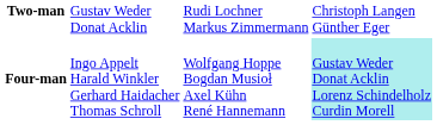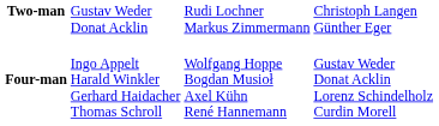 <table>
 <tr>
 <th scope=row>Two-man <br></th>
 <td><br> <a href='#'>Gustav Weder</a><br><a href='#'>Donat Acklin</a></td>
 <td><br> <a href='#'>Rudi Lochner</a><br><a href='#'>Markus Zimmermann</a></td>
 <td><br> <a href='#'>Christoph Langen</a><br><a href='#'>Günther Eger</a></td>
 </tr>
 <tr>
 <th scope=row>Four-man <br></th>
 <td><br> <a href='#'>Ingo Appelt</a><br> <a href='#'>Harald Winkler</a> <br> <a href='#'>Gerhard Haidacher</a> <br> <a href='#'>Thomas Schroll</a></td>
 <td><br> <a href='#'>Wolfgang Hoppe</a> <br> <a href='#'>Bogdan Musioł</a> <br> <a href='#'>Axel Kühn</a> <br>  <a href='#'>René Hannemann</a></td>
-<td style="background: paleturquoise;"><br> <a href='#'>Gustav Weder</a> <br> <a href='#'>Donat Acklin</a> <br> <a href='#'>Lorenz Schindelholz</a> <br>  <a href='#'>Curdin Morell</a></td>
+<td><br> <a href='#'>Gustav Weder</a> <br> <a href='#'>Donat Acklin</a> <br> <a href='#'>Lorenz Schindelholz</a> <br>  <a href='#'>Curdin Morell</a></td>
 </tr>
 </table>
